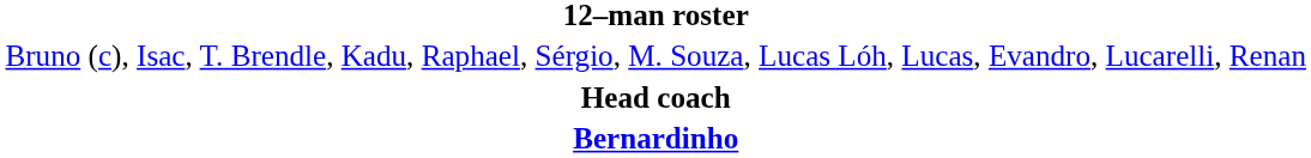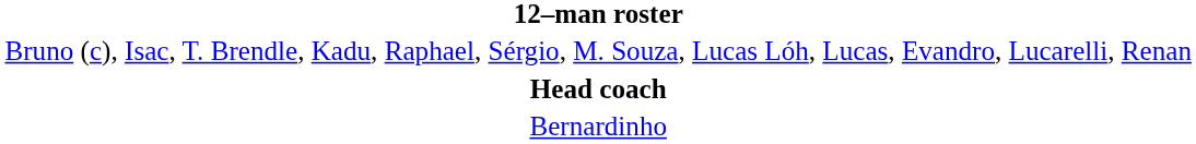 <table style="text-align:center; margin-top:2em; margin-left:auto; margin-right:auto">
 <tr>
 <td><strong>12–man roster</strong></td>
 </tr>
 <tr>
 <td><a href='#'>Bruno</a> (<a href='#'>c</a>), <a href='#'>Isac</a>, <a href='#'>T. Brendle</a>, <a href='#'>Kadu</a>, <a href='#'>Raphael</a>, <a href='#'>Sérgio</a>, <a href='#'>M. Souza</a>, <a href='#'>Lucas Lóh</a>, <a href='#'>Lucas</a>, <a href='#'>Evandro</a>, <a href='#'>Lucarelli</a>, <a href='#'>Renan</a></td>
 </tr>
 <tr>
 <td><strong>Head coach</strong></td>
 </tr>
 <tr>
-<td><strong><a href='#'>Bernardinho</a></strong></td>
+<td><a href='#'>Bernardinho</a></td>
 </tr>
 </table>
